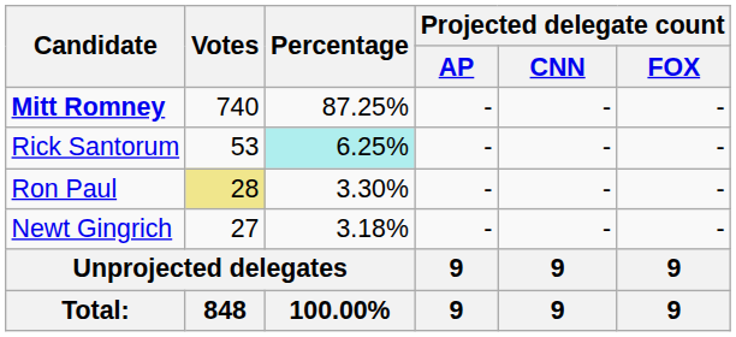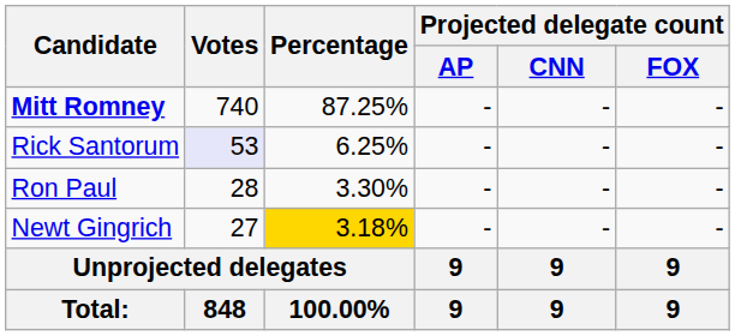 <table class="wikitable" style="text-align:right;">
 <tr>
 <th rowspan="2">Candidate</th>
 <th rowspan="2">Votes</th>
 <th rowspan="2">Percentage</th>
 <th colspan="3">Projected delegate count</th>
 </tr>
 <tr>
 <th><a href='#'>AP</a></th>
 <th><a href='#'>CNN</a></th>
 <th><a href='#'>FOX</a></th>
 </tr>
 <tr>
 <td style="text-align:left;"> <strong><a href='#'>Mitt Romney</a></strong></td>
 <td>740</td>
 <td>87.25%</td>
 <td>-</td>
 <td>-</td>
 <td>-</td>
 </tr>
 <tr>
 <td style="text-align:left;"><a href='#'>Rick Santorum</a></td>
-<td>53</td>
-<td style="background: paleturquoise;">6.25%</td>
+<td style="background: lavender;">53</td>
+<td>6.25%</td>
 <td>-</td>
 <td>-</td>
 <td>-</td>
 </tr>
 <tr>
 <td style="text-align:left;"><a href='#'>Ron Paul</a></td>
-<td style="background: khaki;">28</td>
+<td>28</td>
 <td>3.30%</td>
 <td>-</td>
 <td>-</td>
 <td>-</td>
 </tr>
 <tr>
 <td style="text-align:left;"><a href='#'>Newt Gingrich</a></td>
 <td>27</td>
-<td>3.18%</td>
+<td style="background: gold;">3.18%</td>
 <td>-</td>
 <td>-</td>
 <td>-</td>
 </tr>
 <tr style="background:#eee;">
 <th colspan="3">Unprojected delegates</th>
 <th>9</th>
 <th>9</th>
 <th>9</th>
 </tr>
 <tr style="background:#eee;">
 <th>Total:</th>
 <th>848</th>
 <th>100.00%</th>
 <th>9</th>
 <th>9</th>
 <th>9</th>
 </tr>
 </table>
